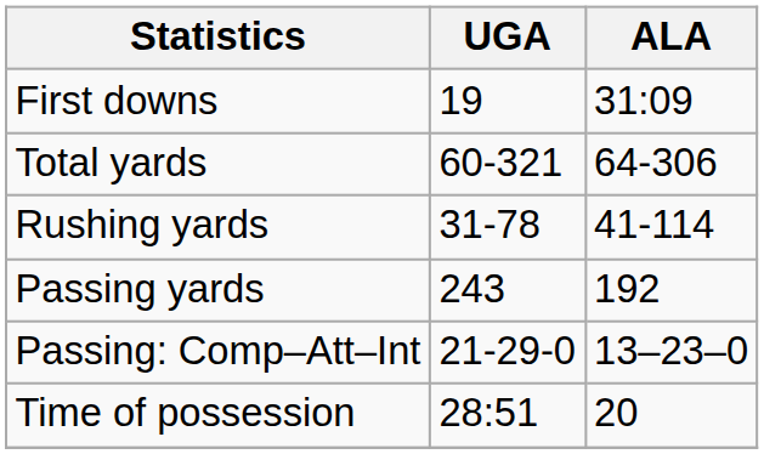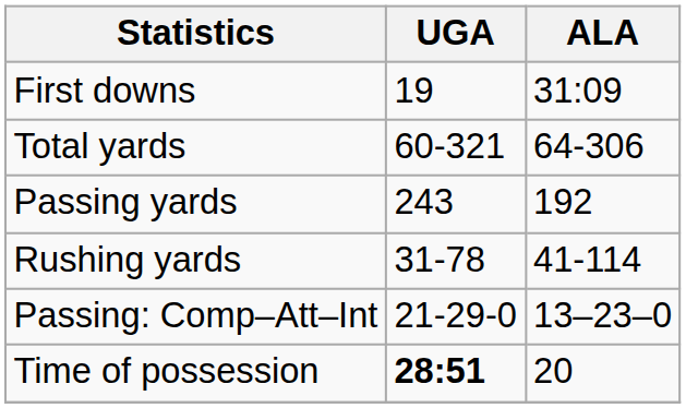 <table class="wikitable" style="float: left;">
 <tr>
 <th>Statistics</th>
 <th>UGA</th>
 <th>ALA</th>
 </tr>
 <tr>
 <td>First downs</td>
 <td>19</td>
 <td>31:09</td>
 </tr>
 <tr>
 <td>Total yards</td>
 <td>60-321</td>
 <td>64-306</td>
 </tr>
 <tr>
+<td>Passing yards</td>
+<td>243</td>
+<td>192</td>
+</tr>
+<tr>
 <td>Rushing yards</td>
 <td>31-78</td>
 <td>41-114</td>
-</tr>
-<tr>
-<td>Passing yards</td>
-<td>243</td>
-<td>192</td>
 </tr>
 <tr>
 <td>Passing: Comp–Att–Int</td>
 <td>21-29-0</td>
 <td>13–23–0</td>
 </tr>
 <tr>
 <td>Time of possession</td>
-<td>28:51</td>
+<td><strong>28:51</strong></td>
 <td>20</td>
 </tr>
 <tr>
 </tr>
 </table>
